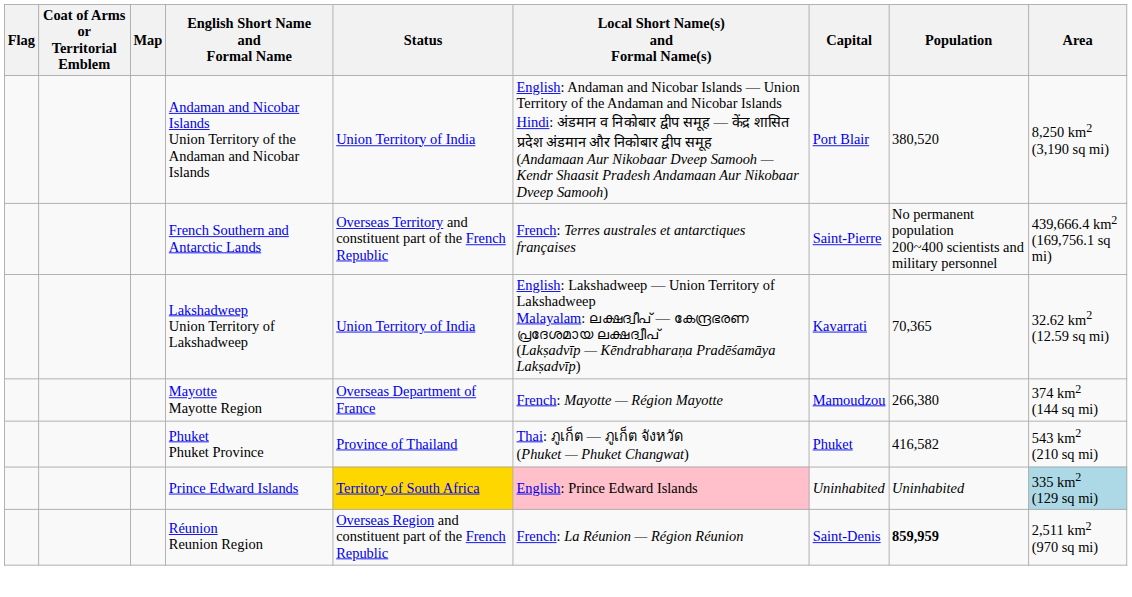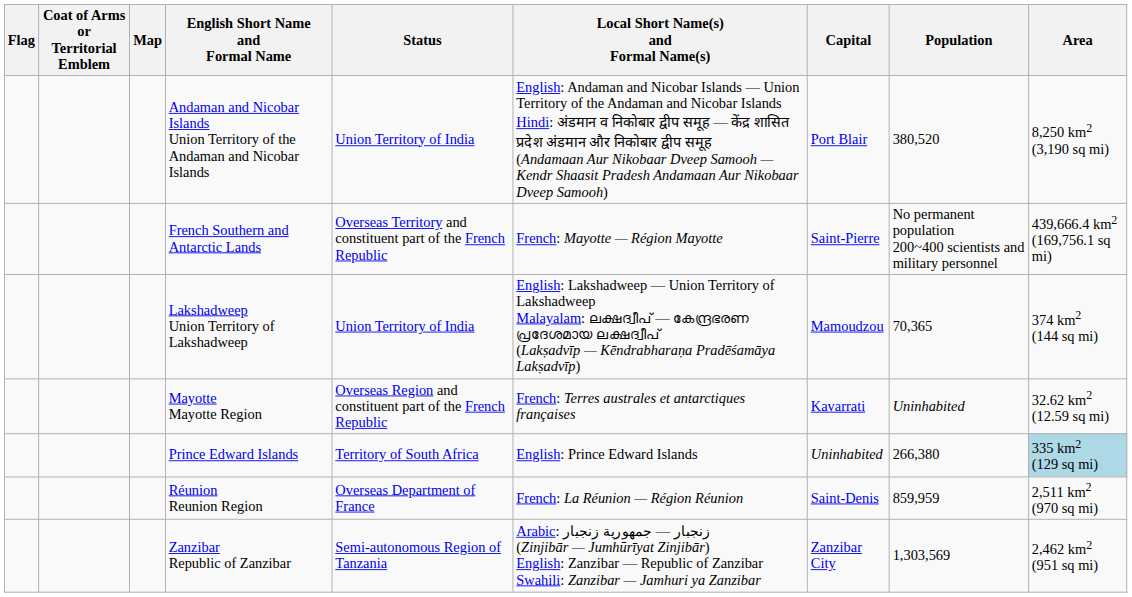 <table class="wikitable">
 <tr>
 <th>Flag</th>
 <th>Coat of Arms<br>or<br> Territorial Emblem</th>
 <th>Map</th>
 <th>English Short Name<br>and<br> Formal Name</th>
 <th>Status</th>
 <th>Local Short Name(s)<br>and<br> Formal Name(s)</th>
 <th>Capital</th>
 <th>Population</th>
 <th>Area</th>
 </tr>
 <tr>
 <td></td>
 <td></td>
 <td></td>
 <td><a href='#'>Andaman and Nicobar Islands</a><br>Union Territory of the Andaman and Nicobar Islands</td>
 <td><a href='#'>Union Territory of India</a></td>
 <td><a href='#'>English</a>: Andaman and Nicobar Islands — Union Territory of the Andaman and Nicobar Islands<br><a href='#'>Hindi</a>: अंडमान व निकोबार द्वीप समूह — केंद्र शासित प्रदेश अंडमान और निकोबार द्वीप समूह <br>(<em>Andamaan Aur Nikobaar Dveep Samooh — Kendr Shaasit Pradesh Andamaan Aur Nikobaar Dveep Samooh</em>)</td>
 <td><a href='#'>Port Blair</a></td>
 <td>380,520</td>
 <td>8,250 km<sup>2</sup><br>(3,190 sq mi)</td>
 </tr>
 <tr>
 <td></td>
 <td></td>
 <td></td>
 <td><a href='#'>French Southern and Antarctic Lands</a></td>
 <td><a href='#'>Overseas Territory</a> and constituent part of the <a href='#'>French Republic</a></td>
-<td><a href='#'>French</a>: <em>Terres australes et antarctiques françaises</em></td>
+<td><a href='#'>French</a>: <em>Mayotte — Région Mayotte</em></td>
 <td><a href='#'>Saint-Pierre</a></td>
 <td>No permanent population<br>200~400 scientists and military personnel</td>
 <td>439,666.4 km<sup>2</sup><br>(169,756.1 sq mi)</td>
 </tr>
 <tr>
 <td></td>
 <td></td>
 <td></td>
 <td><a href='#'>Lakshadweep</a><br>Union Territory of Lakshadweep</td>
 <td><a href='#'>Union Territory of India</a></td>
 <td><a href='#'>English</a>: Lakshadweep — Union Territory of Lakshadweep<br><a href='#'>Malayalam</a>: ലക്ഷദ്വീപ് —  കേന്ദ്രഭരണ പ്രദേശമായ ലക്ഷദ്വീപ് <br>(<em>Lakṣadvīp — Kēndrabharaṇa Pradēśamāya Lakṣadvīp</em>)</td>
+<td><a href='#'>Mamoudzou</a></td>
+<td>70,365</td>
+<td>374 km<sup>2</sup><br>(144 sq mi)</td>
+</tr>
+<tr>
+<td></td>
+<td></td>
+<td></td>
+<td><a href='#'>Mayotte</a><br>Mayotte Region</td>
+<td><a href='#'>Overseas Region</a> and constituent part of the <a href='#'>French Republic</a></td>
+<td><a href='#'>French</a>: <em>Terres australes et antarctiques françaises</em></td>
 <td><a href='#'>Kavarrati</a></td>
-<td>70,365</td>
+<td><em>Uninhabited</em></td>
 <td>32.62 km<sup>2</sup><br>(12.59 sq mi)</td>
 </tr>
 <tr>
 <td></td>
 <td></td>
 <td></td>
-<td><a href='#'>Mayotte</a><br>Mayotte Region</td>
-<td><a href='#'>Overseas Department of France</a></td>
-<td><a href='#'>French</a>: <em>Mayotte — Région Mayotte</em></td>
-<td><a href='#'>Mamoudzou</a></td>
+<td><a href='#'>Prince Edward Islands</a></td>
+<td><a href='#'>Territory of South Africa</a></td>
+<td><a href='#'>English</a>: Prince Edward Islands</td>
+<td><em>Uninhabited</em></td>
 <td>266,380</td>
-<td>374 km<sup>2</sup><br>(144 sq mi)</td>
-</tr>
-<tr>
-<td></td>
-<td></td>
-<td></td>
-<td><a href='#'>Phuket</a><br>Phuket Province</td>
-<td><a href='#'>Province of Thailand</a></td>
-<td><a href='#'>Thai</a>: ภูเก็ต — ภูเก็ต จังหวัด<br>(<em>Phuket — Phuket Changwat</em>)</td>
-<td><a href='#'>Phuket</a></td>
-<td>416,582</td>
-<td>543 km<sup>2</sup><br>(210 sq mi)</td>
-</tr>
-<tr>
-<td></td>
-<td></td>
-<td></td>
-<td><a href='#'>Prince Edward Islands</a></td>
-<td style="background: gold;"><a href='#'>Territory of South Africa</a></td>
-<td style="background: pink;"><a href='#'>English</a>: Prince Edward Islands</td>
-<td><em>Uninhabited</em></td>
-<td><em>Uninhabited</em></td>
 <td style="background: lightblue;">335 km<sup>2</sup><br>(129 sq mi)</td>
 </tr>
 <tr>
 <td></td>
 <td></td>
 <td></td>
 <td><a href='#'>Réunion</a><br>Reunion Region</td>
-<td><a href='#'>Overseas Region</a> and constituent part of the <a href='#'>French Republic</a></td>
+<td><a href='#'>Overseas Department of France</a></td>
 <td><a href='#'>French</a>: <em>La Réunion — Région Réunion</em></td>
 <td><a href='#'>Saint-Denis</a></td>
-<td><strong>859,959</strong></td>
+<td>859,959</td>
 <td>2,511 km<sup>2</sup><br>(970 sq mi)</td>
 </tr>
+<tr>
+<td></td>
+<td></td>
+<td></td>
+<td><a href='#'>Zanzibar</a><br>Republic of Zanzibar</td>
+<td><a href='#'>Semi-autonomous Region of Tanzania</a></td>
+<td><a href='#'>Arabic</a>: زنجبار — جمهورية زنجبار<br>(<em>Zinjibār — Jumhūrīyat Zinjibār</em>)<br><a href='#'>English</a>: Zanzibar — Republic of Zanzibar<br><a href='#'>Swahili</a>: <em>Zanzibar — Jamhuri ya Zanzibar</em></td>
+<td><a href='#'>Zanzibar City</a></td>
+<td>1,303,569 </td>
+<td>2,462 km<sup>2</sup><br>(951 sq mi)</td>
+</tr>
 </table>
